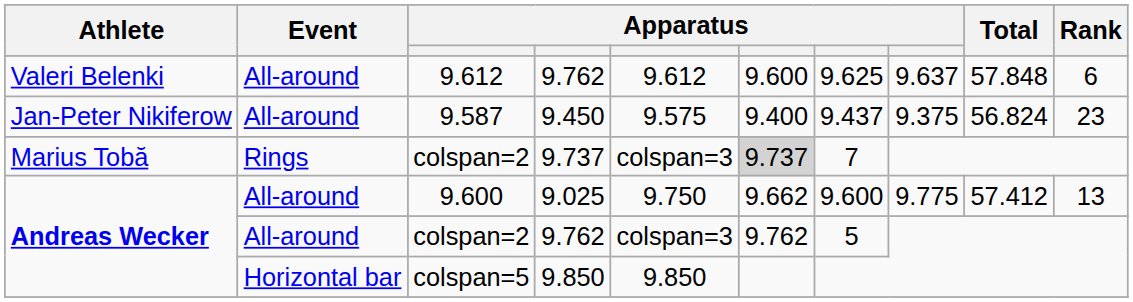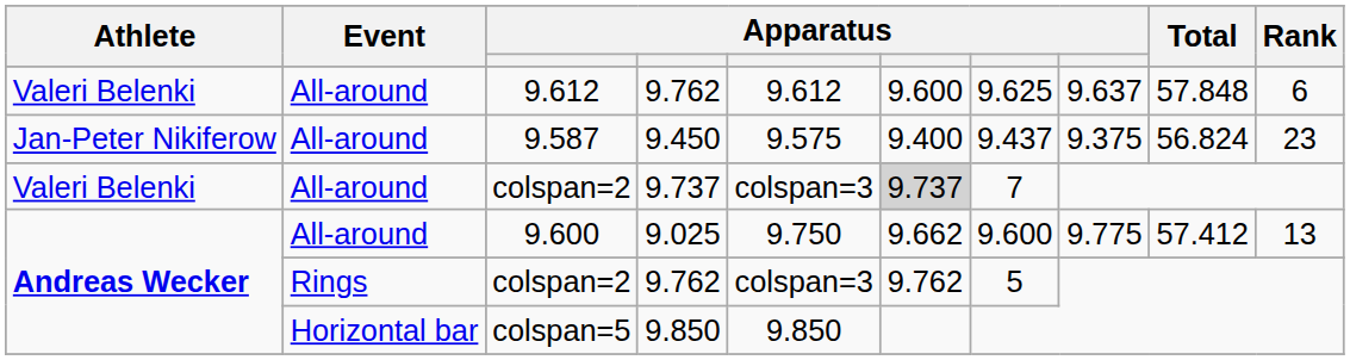 <table class="wikitable" style="font-size:90%">
 <tr>
 <th rowspan=2>Athlete</th>
 <th rowspan=2>Event</th>
 <th colspan=6>Apparatus</th>
 <th rowspan=2>Total</th>
 <th rowspan=2>Rank</th>
 </tr>
 <tr style="font-size:95%">
 <th></th>
 <th></th>
 <th></th>
 <th></th>
 <th></th>
 <th></th>
 </tr>
 <tr align=center>
 <td align=left><a href='#'>Valeri Belenki</a></td>
 <td align=left><a href='#'>All-around</a></td>
 <td>9.612</td>
 <td>9.762</td>
 <td>9.612</td>
 <td>9.600</td>
 <td>9.625</td>
 <td>9.637</td>
 <td>57.848</td>
 <td>6</td>
 </tr>
 <tr align=center>
 <td align=left><a href='#'>Jan-Peter Nikiferow</a></td>
 <td align=left><a href='#'>All-around</a></td>
 <td>9.587</td>
 <td>9.450</td>
 <td>9.575</td>
 <td>9.400</td>
 <td>9.437</td>
 <td>9.375</td>
 <td>56.824</td>
 <td>23</td>
 </tr>
 <tr align=center>
-<td align=left><a href='#'>Marius Tobă</a></td>
-<td align=left><a href='#'>Rings</a></td>
+<td align=left><a href='#'>Valeri Belenki</a></td>
+<td align=left><a href='#'>All-around</a></td>
 <td>colspan=2</td>
 <td>9.737</td>
 <td>colspan=3</td>
 <td style="background: lightgrey;">9.737</td>
 <td>7</td>
 </tr>
 <tr align=center>
 <td align=left rowspan=3><strong><a href='#'>Andreas Wecker</a></strong></td>
 <td align=left><a href='#'>All-around</a></td>
 <td>9.600</td>
 <td>9.025</td>
 <td>9.750</td>
 <td>9.662</td>
 <td>9.600</td>
 <td>9.775</td>
 <td>57.412</td>
 <td>13</td>
 </tr>
 <tr align=center>
-<td align=left><a href='#'>All-around</a></td>
+<td align=left><a href='#'>Rings</a></td>
 <td>colspan=2</td>
 <td>9.762</td>
 <td>colspan=3</td>
 <td>9.762</td>
 <td>5</td>
 </tr>
 <tr align=center>
 <td align=left><a href='#'>Horizontal bar</a></td>
 <td>colspan=5</td>
 <td>9.850</td>
 <td>9.850</td>
 <td></td>
 </tr>
 </table>
